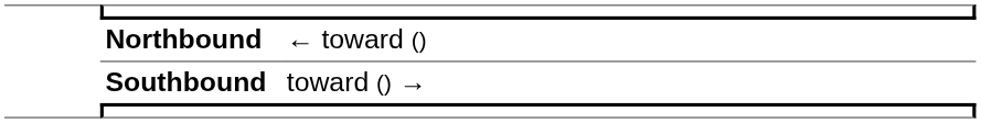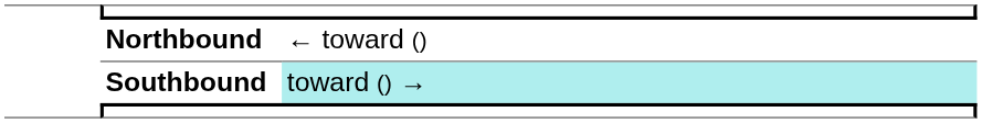 <table cellspacing=0 cellpadding=3>
 <tr>
 <td style="border-top:solid 1px gray;border-bottom:solid 1px gray;vertical-align:top;" width=50 rowspan=4></td>
 <td style="border-top:solid 1px gray;border-right:solid 2px black;border-left:solid 2px black;border-bottom:solid 2px black;text-align:center;" colspan=2></td>
 </tr>
 <tr>
 <td style="border-bottom:solid 1px gray;" width=100><strong>Northbound</strong></td>
 <td style="border-bottom:solid 1px gray;" width=400>←  toward  <small>()</small></td>
 </tr>
 <tr>
 <td><strong>Southbound</strong></td>
-<td> toward  <small>()</small> →</td>
+<td style="background: paleturquoise;"> toward  <small>()</small> →</td>
 </tr>
 <tr>
 <td style="border-bottom:solid 1px gray;border-top:solid 2px black;border-right:solid 2px black;border-left:solid 2px black;text-align:center;" colspan=2></td>
 </tr>
 </table>
